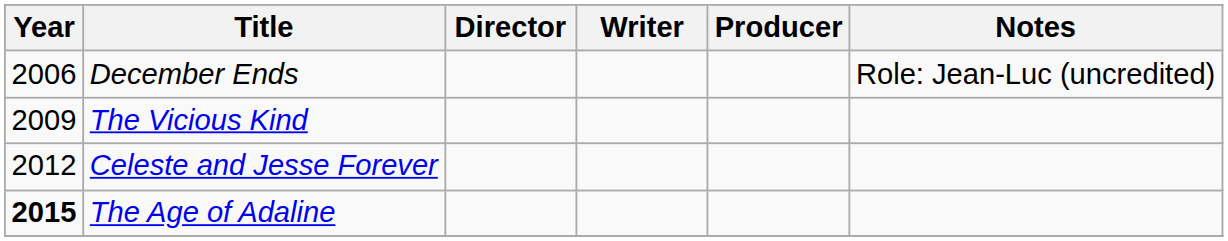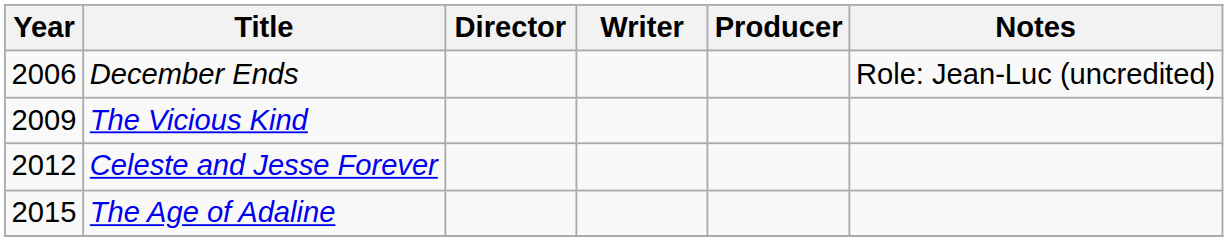 <table class="wikitable">
 <tr>
 <th>Year</th>
 <th>Title</th>
 <th width=65>Director</th>
 <th width=65>Writer</th>
 <th width=65>Producer</th>
 <th>Notes</th>
 </tr>
 <tr>
 <td>2006</td>
 <td><em>December Ends</em></td>
 <td></td>
 <td></td>
 <td></td>
 <td>Role: Jean-Luc (uncredited)</td>
 </tr>
 <tr>
 <td>2009</td>
 <td><em><a href='#'>The Vicious Kind</a></em></td>
 <td></td>
 <td></td>
 <td></td>
 <td></td>
 </tr>
 <tr>
 <td>2012</td>
 <td><em><a href='#'>Celeste and Jesse Forever</a></em></td>
 <td></td>
 <td></td>
 <td></td>
 <td></td>
 </tr>
 <tr>
-<td><strong>2015</strong></td>
+<td>2015</td>
 <td><em><a href='#'>The Age of Adaline</a></em></td>
 <td></td>
 <td></td>
 <td></td>
 <td></td>
 </tr>
 <tr>
 </tr>
 </table>
